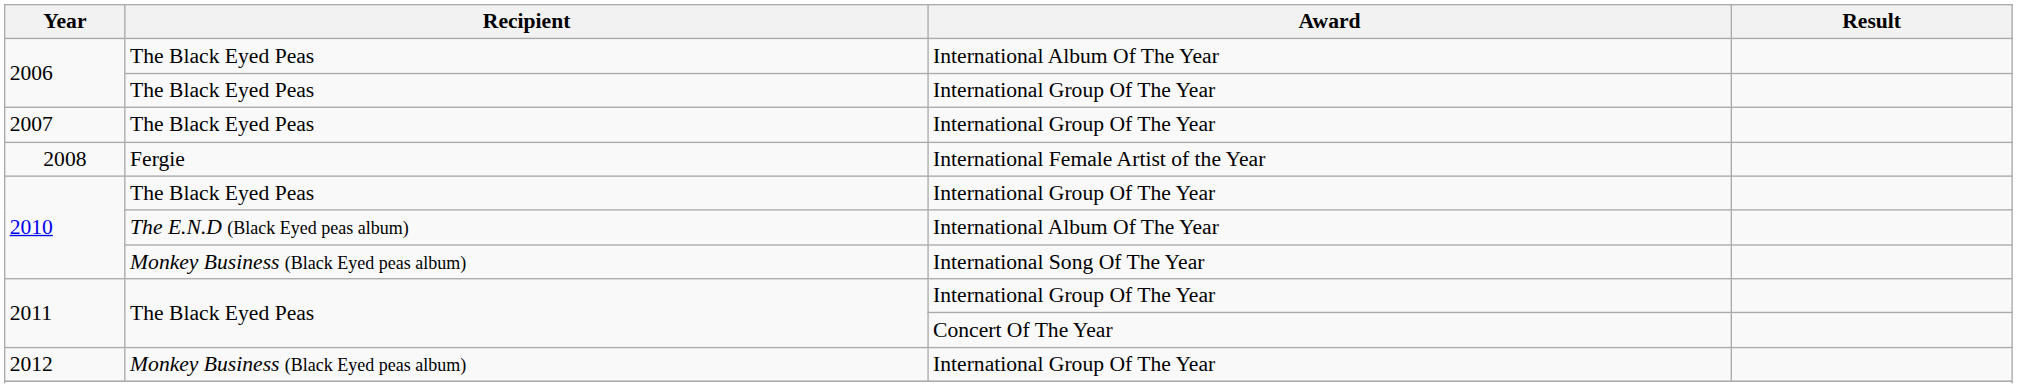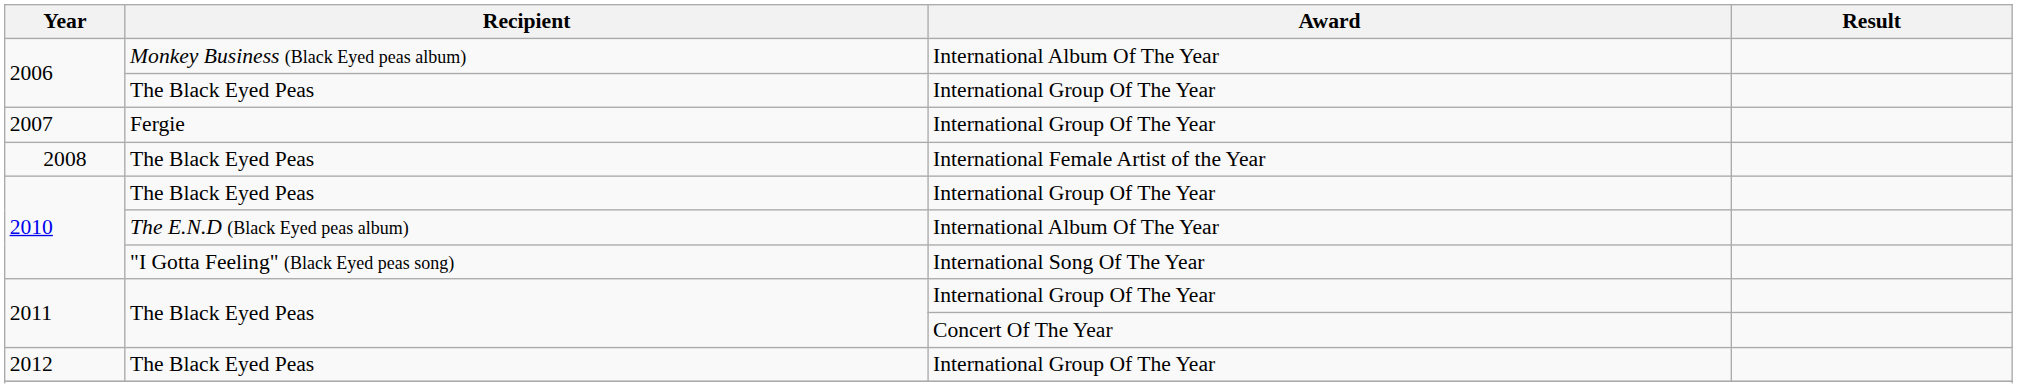 <table style="width: 75%;" class="wikitable">
 <tr>
 <th style="width:6%;">Year</th>
 <th style="width:40%;">Recipient</th>
 <th style="width:40%;">Award</th>
 <th style="width:14%;">Result</th>
 </tr>
 <tr>
 <td rowspan=2>2006</td>
-<td>The Black Eyed Peas</td>
+<td><em>Monkey Business</em> <small>(Black Eyed peas album)</small></td>
 <td>International Album Of The Year</td>
 <td></td>
 </tr>
 <tr>
 <td>The Black Eyed Peas</td>
 <td>International Group Of The Year</td>
 <td></td>
 </tr>
 <tr>
 <td>2007</td>
-<td>The Black Eyed Peas</td>
+<td style=text-align:left>Fergie</td>
 <td>International Group Of The Year</td>
 <td></td>
 </tr>
 <tr>
 <td style=text-align:center>2008</td>
-<td style=text-align:left>Fergie</td>
+<td>The Black Eyed Peas</td>
 <td>International Female Artist of the Year</td>
 <td></td>
 </tr>
 <tr>
 <td rowspan=3><a href='#'>2010</a></td>
 <td>The Black Eyed Peas</td>
 <td>International Group Of The Year</td>
 <td></td>
 </tr>
 <tr>
 <td><em>The E.N.D</em> <small>(Black Eyed peas album)</small></td>
 <td>International Album Of The Year</td>
 <td></td>
 </tr>
 <tr>
-<td><em>Monkey Business</em> <small>(Black Eyed peas album)</small></td>
+<td>"I Gotta Feeling" <small>(Black Eyed peas song)</small></td>
 <td>International Song Of The Year</td>
 <td></td>
 </tr>
 <tr>
 <td rowspan=2>2011</td>
 <td rowspan=2>The Black Eyed Peas</td>
 <td>International Group Of The Year</td>
 <td></td>
 </tr>
 <tr>
 <td>Concert Of The Year</td>
 <td></td>
 </tr>
 <tr>
 <td>2012</td>
-<td><em>Monkey Business</em> <small>(Black Eyed peas album)</small></td>
+<td>The Black Eyed Peas</td>
 <td>International Group Of The Year</td>
 <td></td>
 </tr>
 <tr>
 </tr>
 <tr>
 </tr>
 </table>
